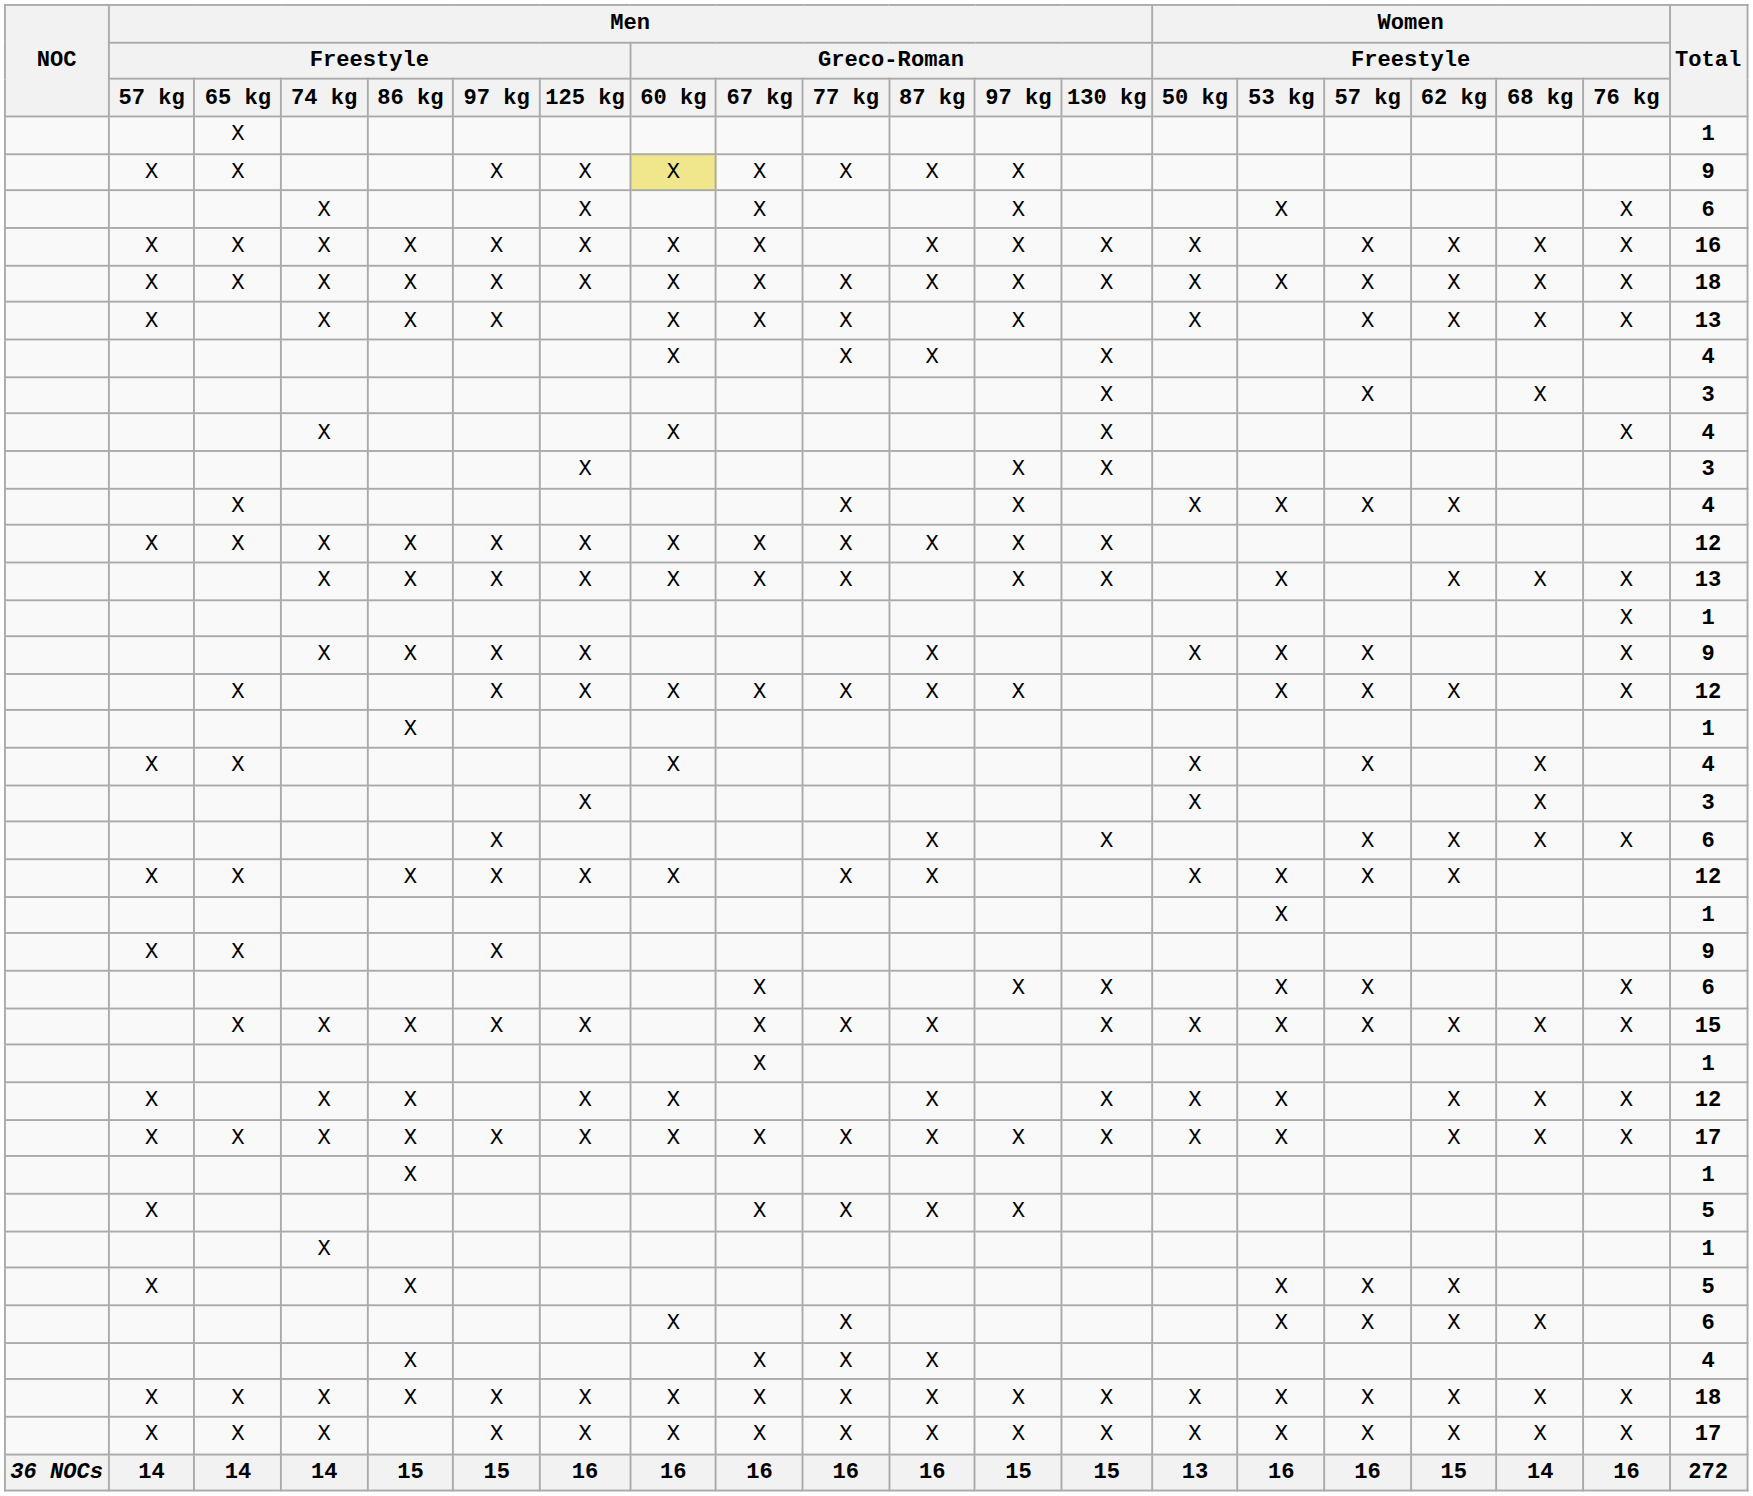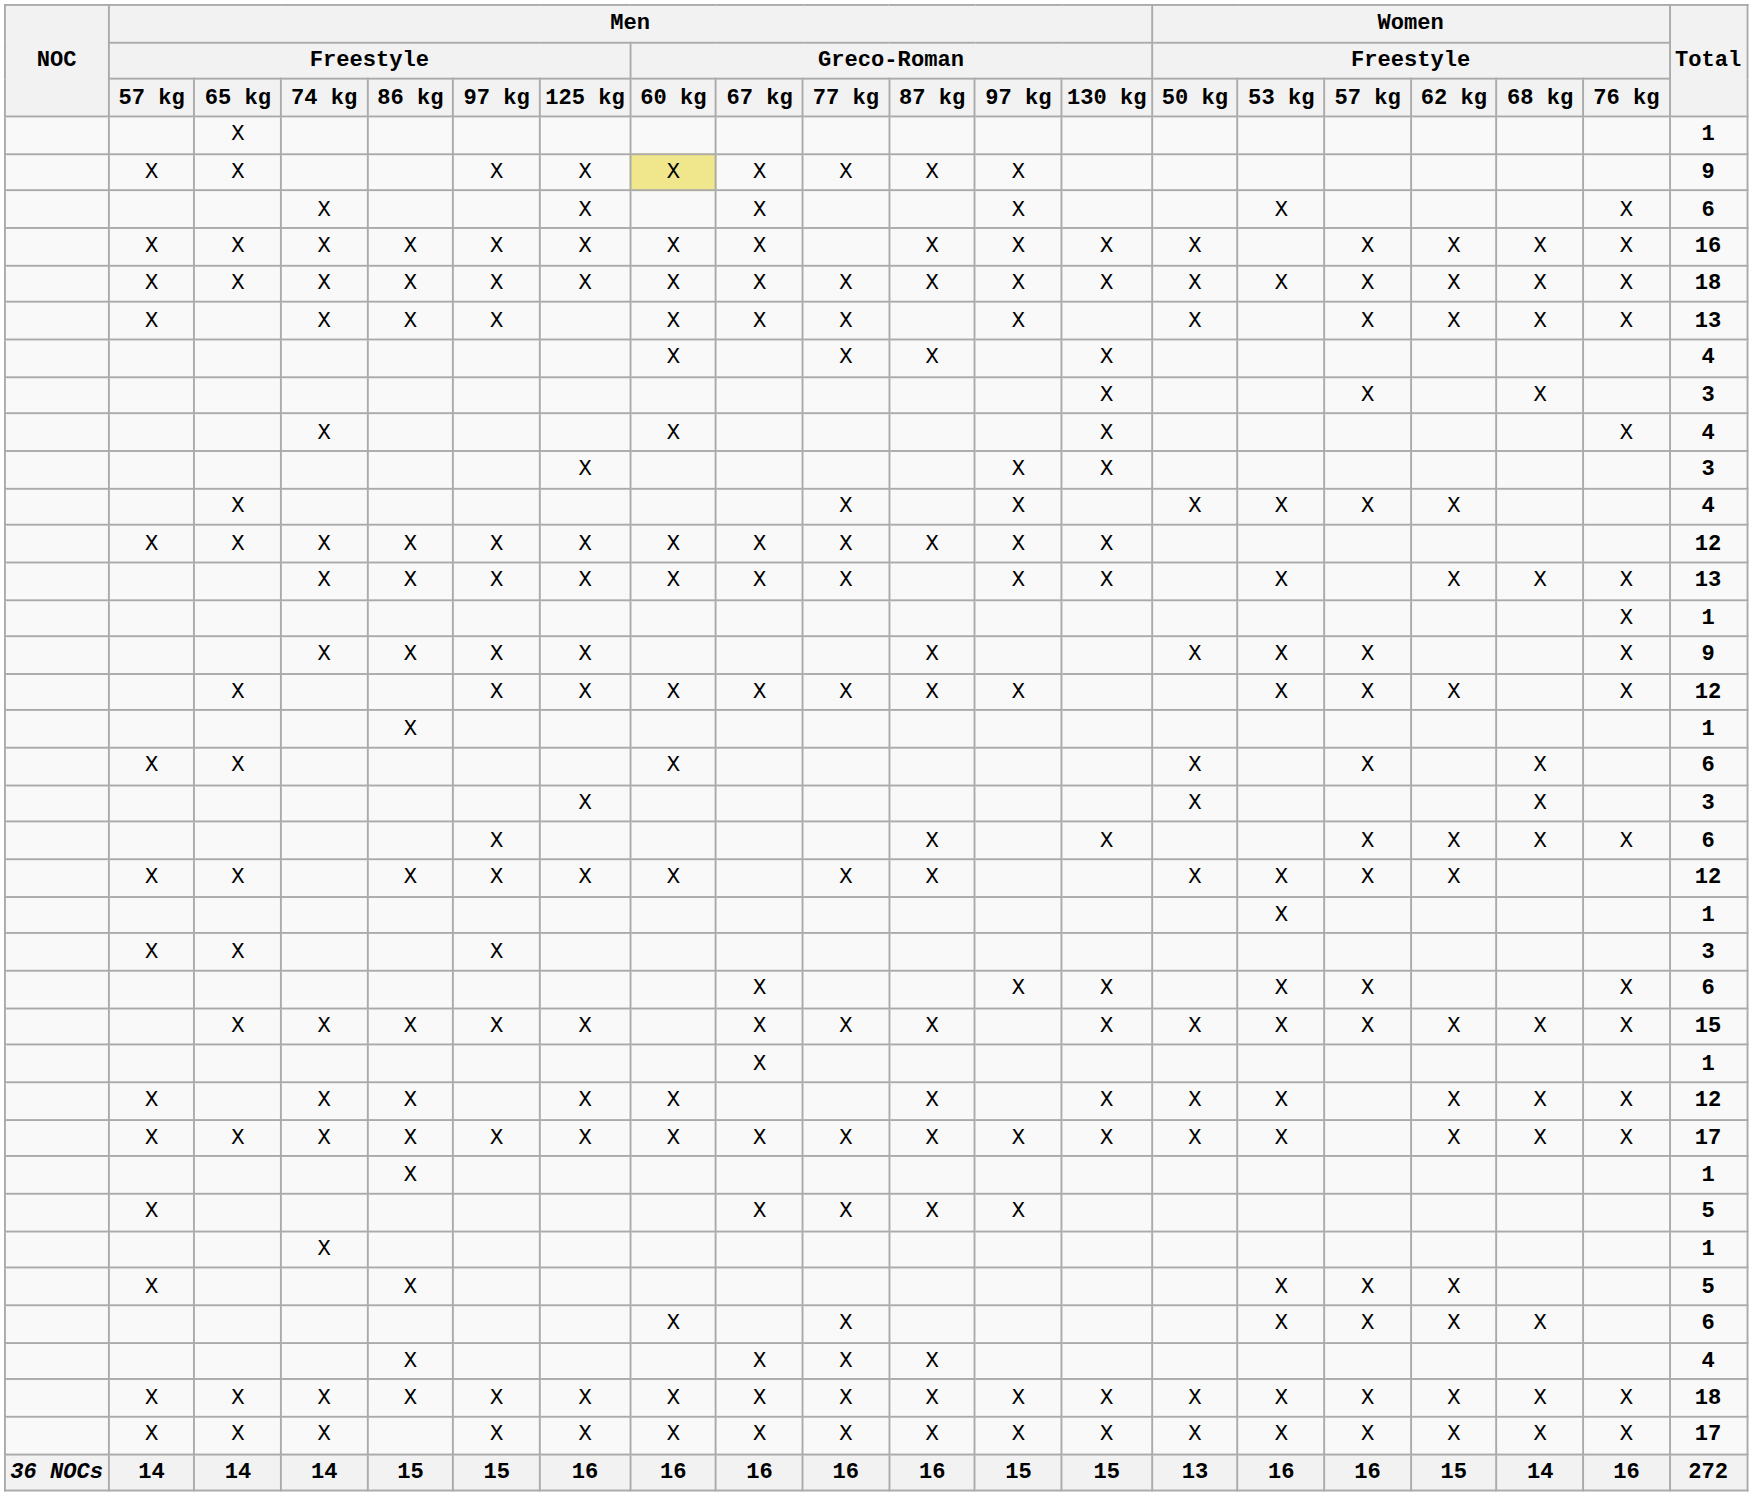 <table class="wikitable collapsible" style="text-align:center; font-size:90%">
 <tr>
 <th rowspan=3>NOC</th>
 <th colspan=12>Men</th>
 <th colspan=6>Women</th>
 <th rowspan=3>Total</th>
 </tr>
 <tr>
 <th colspan=6>Freestyle</th>
 <th colspan=6>Greco-Roman</th>
 <th colspan=6>Freestyle</th>
 </tr>
 <tr>
 <th width=40>57 kg</th>
 <th width=40>65 kg</th>
 <th width=40>74 kg</th>
 <th width=40>86 kg</th>
 <th width=40>97 kg</th>
 <th width=40>125 kg</th>
 <th width=40>60 kg</th>
 <th width=40>67 kg</th>
 <th width=40>77 kg</th>
 <th width=40>87 kg</th>
 <th width=40>97 kg</th>
 <th width=40>130 kg</th>
 <th width=40>50 kg</th>
 <th width=40>53 kg</th>
 <th width=40>57 kg</th>
 <th width=40>62 kg</th>
 <th width=40>68 kg</th>
 <th width=40>76 kg</th>
 </tr>
 <tr>
 <td align=left></td>
 <td></td>
 <td>X</td>
 <td></td>
 <td></td>
 <td></td>
 <td></td>
 <td></td>
 <td></td>
 <td></td>
 <td></td>
 <td></td>
 <td></td>
 <td></td>
 <td></td>
 <td></td>
 <td></td>
 <td></td>
 <td></td>
 <td><strong>1</strong></td>
 </tr>
 <tr>
 <td align=left></td>
 <td>X</td>
 <td>X</td>
 <td></td>
 <td></td>
 <td>X</td>
 <td>X</td>
 <td style="background: khaki;">X</td>
 <td>X</td>
 <td>X</td>
 <td>X</td>
 <td>X</td>
 <td></td>
 <td></td>
 <td></td>
 <td></td>
 <td></td>
 <td></td>
 <td></td>
 <td><strong>9</strong></td>
 </tr>
 <tr>
 <td align=left></td>
 <td></td>
 <td></td>
 <td>X</td>
 <td></td>
 <td></td>
 <td>X</td>
 <td></td>
 <td>X</td>
 <td></td>
 <td></td>
 <td>X</td>
 <td></td>
 <td></td>
 <td>X</td>
 <td></td>
 <td></td>
 <td></td>
 <td>X</td>
 <td><strong>6</strong></td>
 </tr>
 <tr>
 <td align=left></td>
 <td>X</td>
 <td>X</td>
 <td>X</td>
 <td>X</td>
 <td>X</td>
 <td>X</td>
 <td>X</td>
 <td>X</td>
 <td></td>
 <td>X</td>
 <td>X</td>
 <td>X</td>
 <td>X</td>
 <td></td>
 <td>X</td>
 <td>X</td>
 <td>X</td>
 <td>X</td>
 <td><strong>16</strong></td>
 </tr>
 <tr>
 <td align=left></td>
 <td>X</td>
 <td>X</td>
 <td>X</td>
 <td>X</td>
 <td>X</td>
 <td>X</td>
 <td>X</td>
 <td>X</td>
 <td>X</td>
 <td>X</td>
 <td>X</td>
 <td>X</td>
 <td>X</td>
 <td>X</td>
 <td>X</td>
 <td>X</td>
 <td>X</td>
 <td>X</td>
 <td><strong>18</strong></td>
 </tr>
 <tr>
 <td align=left></td>
 <td>X</td>
 <td></td>
 <td>X</td>
 <td>X</td>
 <td>X</td>
 <td></td>
 <td>X</td>
 <td>X</td>
 <td>X</td>
 <td></td>
 <td>X</td>
 <td></td>
 <td>X</td>
 <td></td>
 <td>X</td>
 <td>X</td>
 <td>X</td>
 <td>X</td>
 <td><strong>13</strong></td>
 </tr>
 <tr>
 <td align=left></td>
 <td></td>
 <td></td>
 <td></td>
 <td></td>
 <td></td>
 <td></td>
 <td>X</td>
 <td></td>
 <td>X</td>
 <td>X</td>
 <td></td>
 <td>X</td>
 <td></td>
 <td></td>
 <td></td>
 <td></td>
 <td></td>
 <td></td>
 <td><strong>4</strong></td>
 </tr>
 <tr>
 <td align=left></td>
 <td></td>
 <td></td>
 <td></td>
 <td></td>
 <td></td>
 <td></td>
 <td></td>
 <td></td>
 <td></td>
 <td></td>
 <td></td>
 <td>X</td>
 <td></td>
 <td></td>
 <td>X</td>
 <td></td>
 <td>X</td>
 <td></td>
 <td><strong>3</strong></td>
 </tr>
 <tr>
 <td align=left></td>
 <td></td>
 <td></td>
 <td>X</td>
 <td></td>
 <td></td>
 <td></td>
 <td>X</td>
 <td></td>
 <td></td>
 <td></td>
 <td></td>
 <td>X</td>
 <td></td>
 <td></td>
 <td></td>
 <td></td>
 <td></td>
 <td>X</td>
 <td><strong>4</strong></td>
 </tr>
 <tr>
 <td align=left></td>
 <td></td>
 <td></td>
 <td></td>
 <td></td>
 <td></td>
 <td>X</td>
 <td></td>
 <td></td>
 <td></td>
 <td></td>
 <td>X</td>
 <td>X</td>
 <td></td>
 <td></td>
 <td></td>
 <td></td>
 <td></td>
 <td></td>
 <td><strong>3</strong></td>
 </tr>
 <tr>
 <td align=left></td>
 <td></td>
 <td>X</td>
 <td></td>
 <td></td>
 <td></td>
 <td></td>
 <td></td>
 <td></td>
 <td>X</td>
 <td></td>
 <td>X</td>
 <td></td>
 <td>X</td>
 <td>X</td>
 <td>X</td>
 <td>X</td>
 <td></td>
 <td></td>
 <td><strong>4</strong></td>
 </tr>
 <tr>
 <td align=left></td>
 <td>X</td>
 <td>X</td>
 <td>X</td>
 <td>X</td>
 <td>X</td>
 <td>X</td>
 <td>X</td>
 <td>X</td>
 <td>X</td>
 <td>X</td>
 <td>X</td>
 <td>X</td>
 <td></td>
 <td></td>
 <td></td>
 <td></td>
 <td></td>
 <td></td>
 <td><strong>12</strong></td>
 </tr>
 <tr>
 <td align=left></td>
 <td></td>
 <td></td>
 <td>X</td>
 <td>X</td>
 <td>X</td>
 <td>X</td>
 <td>X</td>
 <td>X</td>
 <td>X</td>
 <td></td>
 <td>X</td>
 <td>X</td>
 <td></td>
 <td>X</td>
 <td></td>
 <td>X</td>
 <td>X</td>
 <td>X</td>
 <td><strong>13</strong></td>
 </tr>
 <tr>
 <td align=left></td>
 <td></td>
 <td></td>
 <td></td>
 <td></td>
 <td></td>
 <td></td>
 <td></td>
 <td></td>
 <td></td>
 <td></td>
 <td></td>
 <td></td>
 <td></td>
 <td></td>
 <td></td>
 <td></td>
 <td></td>
 <td>X</td>
 <td><strong>1</strong></td>
 </tr>
 <tr>
 <td align=left></td>
 <td></td>
 <td></td>
 <td>X</td>
 <td>X</td>
 <td>X</td>
 <td>X</td>
 <td></td>
 <td></td>
 <td></td>
 <td>X</td>
 <td></td>
 <td></td>
 <td>X</td>
 <td>X</td>
 <td>X</td>
 <td></td>
 <td></td>
 <td>X</td>
 <td><strong>9</strong></td>
 </tr>
 <tr>
 <td align=left></td>
 <td></td>
 <td>X</td>
 <td></td>
 <td></td>
 <td>X</td>
 <td>X</td>
 <td>X</td>
 <td>X</td>
 <td>X</td>
 <td>X</td>
 <td>X</td>
 <td></td>
 <td></td>
 <td>X</td>
 <td>X</td>
 <td>X</td>
 <td></td>
 <td>X</td>
 <td><strong>12</strong></td>
 </tr>
 <tr>
 <td align=left></td>
 <td></td>
 <td></td>
 <td></td>
 <td>X</td>
 <td></td>
 <td></td>
 <td></td>
 <td></td>
 <td></td>
 <td></td>
 <td></td>
 <td></td>
 <td></td>
 <td></td>
 <td></td>
 <td></td>
 <td></td>
 <td></td>
 <td><strong>1</strong></td>
 </tr>
 <tr>
 <td align=left></td>
 <td>X</td>
 <td>X</td>
 <td></td>
 <td></td>
 <td></td>
 <td></td>
 <td>X</td>
 <td></td>
 <td></td>
 <td></td>
 <td></td>
 <td></td>
 <td>X</td>
 <td></td>
 <td>X</td>
 <td></td>
 <td>X</td>
 <td></td>
-<td><strong>4</strong></td>
+<td><strong>6</strong></td>
 </tr>
 <tr>
 <td align=left></td>
 <td></td>
 <td></td>
 <td></td>
 <td></td>
 <td></td>
 <td>X</td>
 <td></td>
 <td></td>
 <td></td>
 <td></td>
 <td></td>
 <td></td>
 <td>X</td>
 <td></td>
 <td></td>
 <td></td>
 <td>X</td>
 <td></td>
 <td><strong>3</strong></td>
 </tr>
 <tr>
 <td align=left></td>
 <td></td>
 <td></td>
 <td></td>
 <td></td>
 <td>X</td>
 <td></td>
 <td></td>
 <td></td>
 <td></td>
 <td>X</td>
 <td></td>
 <td>X</td>
 <td></td>
 <td></td>
 <td>X</td>
 <td>X</td>
 <td>X</td>
 <td>X</td>
 <td><strong>6</strong></td>
 </tr>
 <tr>
 <td align=left></td>
 <td>X</td>
 <td>X</td>
 <td></td>
 <td>X</td>
 <td>X</td>
 <td>X</td>
 <td>X</td>
 <td></td>
 <td>X</td>
 <td>X</td>
 <td></td>
 <td></td>
 <td>X</td>
 <td>X</td>
 <td>X</td>
 <td>X</td>
 <td></td>
 <td></td>
 <td><strong>12</strong></td>
 </tr>
 <tr>
 <td align=left></td>
 <td></td>
 <td></td>
 <td></td>
 <td></td>
 <td></td>
 <td></td>
 <td></td>
 <td></td>
 <td></td>
 <td></td>
 <td></td>
 <td></td>
 <td></td>
 <td>X</td>
 <td></td>
 <td></td>
 <td></td>
 <td></td>
 <td><strong>1</strong></td>
 </tr>
 <tr>
 <td align=left></td>
 <td>X</td>
 <td>X</td>
 <td></td>
 <td></td>
 <td>X</td>
 <td></td>
 <td></td>
 <td></td>
 <td></td>
 <td></td>
 <td></td>
 <td></td>
 <td></td>
 <td></td>
 <td></td>
 <td></td>
 <td></td>
 <td></td>
-<td><strong>9</strong></td>
+<td><strong>3</strong></td>
 </tr>
 <tr>
 <td align=left></td>
 <td></td>
 <td></td>
 <td></td>
 <td></td>
 <td></td>
 <td></td>
 <td></td>
 <td>X</td>
 <td></td>
 <td></td>
 <td>X</td>
 <td>X</td>
 <td></td>
 <td>X</td>
 <td>X</td>
 <td></td>
 <td></td>
 <td>X</td>
 <td><strong>6</strong></td>
 </tr>
 <tr>
 <td align=left></td>
 <td></td>
 <td>X</td>
 <td>X</td>
 <td>X</td>
 <td>X</td>
 <td>X</td>
 <td></td>
 <td>X</td>
 <td>X</td>
 <td>X</td>
 <td></td>
 <td>X</td>
 <td>X</td>
 <td>X</td>
 <td>X</td>
 <td>X</td>
 <td>X</td>
 <td>X</td>
 <td><strong>15</strong></td>
 </tr>
 <tr>
 <td align=left></td>
 <td></td>
 <td></td>
 <td></td>
 <td></td>
 <td></td>
 <td></td>
 <td></td>
 <td>X</td>
 <td></td>
 <td></td>
 <td></td>
 <td></td>
 <td></td>
 <td></td>
 <td></td>
 <td></td>
 <td></td>
 <td></td>
 <td><strong>1</strong></td>
 </tr>
 <tr>
 <td align=left></td>
 <td>X</td>
 <td></td>
 <td>X</td>
 <td>X</td>
 <td></td>
 <td>X</td>
 <td>X</td>
 <td></td>
 <td></td>
 <td>X</td>
 <td></td>
 <td>X</td>
 <td>X</td>
 <td>X</td>
 <td></td>
 <td>X</td>
 <td>X</td>
 <td>X</td>
 <td><strong>12</strong></td>
 </tr>
 <tr>
 <td align=left></td>
 <td>X</td>
 <td>X</td>
 <td>X</td>
 <td>X</td>
 <td>X</td>
 <td>X</td>
 <td>X</td>
 <td>X</td>
 <td>X</td>
 <td>X</td>
 <td>X</td>
 <td>X</td>
 <td>X</td>
 <td>X</td>
 <td></td>
 <td>X</td>
 <td>X</td>
 <td>X</td>
 <td><strong>17</strong></td>
 </tr>
 <tr>
 <td align=left></td>
 <td></td>
 <td></td>
 <td></td>
 <td>X</td>
 <td></td>
 <td></td>
 <td></td>
 <td></td>
 <td></td>
 <td></td>
 <td></td>
 <td></td>
 <td></td>
 <td></td>
 <td></td>
 <td></td>
 <td></td>
 <td></td>
 <td><strong>1</strong></td>
 </tr>
 <tr>
 <td align=left></td>
 <td>X</td>
 <td></td>
 <td></td>
 <td></td>
 <td></td>
 <td></td>
 <td></td>
 <td>X</td>
 <td>X</td>
 <td>X</td>
 <td>X</td>
 <td></td>
 <td></td>
 <td></td>
 <td></td>
 <td></td>
 <td></td>
 <td></td>
 <td><strong>5</strong></td>
 </tr>
 <tr>
 <td align=left></td>
 <td></td>
 <td></td>
 <td>X</td>
 <td></td>
 <td></td>
 <td></td>
 <td></td>
 <td></td>
 <td></td>
 <td></td>
 <td></td>
 <td></td>
 <td></td>
 <td></td>
 <td></td>
 <td></td>
 <td></td>
 <td></td>
 <td><strong>1</strong></td>
 </tr>
 <tr>
 <td align=left></td>
 <td>X</td>
 <td></td>
 <td></td>
 <td>X</td>
 <td></td>
 <td></td>
 <td></td>
 <td></td>
 <td></td>
 <td></td>
 <td></td>
 <td></td>
 <td></td>
 <td>X</td>
 <td>X</td>
 <td>X</td>
 <td></td>
 <td></td>
 <td><strong>5</strong></td>
 </tr>
 <tr>
 <td align=left></td>
 <td></td>
 <td></td>
 <td></td>
 <td></td>
 <td></td>
 <td></td>
 <td>X</td>
 <td></td>
 <td>X</td>
 <td></td>
 <td></td>
 <td></td>
 <td></td>
 <td>X</td>
 <td>X</td>
 <td>X</td>
 <td>X</td>
 <td></td>
 <td><strong>6</strong></td>
 </tr>
 <tr>
 <td align=left></td>
 <td></td>
 <td></td>
 <td></td>
 <td>X</td>
 <td></td>
 <td></td>
 <td></td>
 <td>X</td>
 <td>X</td>
 <td>X</td>
 <td></td>
 <td></td>
 <td></td>
 <td></td>
 <td></td>
 <td></td>
 <td></td>
 <td></td>
 <td><strong>4</strong></td>
 </tr>
 <tr>
 <td align=left></td>
 <td>X</td>
 <td>X</td>
 <td>X</td>
 <td>X</td>
 <td>X</td>
 <td>X</td>
 <td>X</td>
 <td>X</td>
 <td>X</td>
 <td>X</td>
 <td>X</td>
 <td>X</td>
 <td>X</td>
 <td>X</td>
 <td>X</td>
 <td>X</td>
 <td>X</td>
 <td>X</td>
 <td><strong>18</strong></td>
 </tr>
 <tr>
 <td align=left></td>
 <td>X</td>
 <td>X</td>
 <td>X</td>
 <td></td>
 <td>X</td>
 <td>X</td>
 <td>X</td>
 <td>X</td>
 <td>X</td>
 <td>X</td>
 <td>X</td>
 <td>X</td>
 <td>X</td>
 <td>X</td>
 <td>X</td>
 <td>X</td>
 <td>X</td>
 <td>X</td>
 <td><strong>17</strong></td>
 </tr>
 <tr>
 <th><em>36 NOCs</em></th>
 <th>14</th>
 <th>14</th>
 <th>14</th>
 <th>15</th>
 <th>15</th>
 <th>16</th>
 <th>16</th>
 <th>16</th>
 <th>16</th>
 <th>16</th>
 <th>15</th>
 <th>15</th>
 <th>13</th>
 <th>16</th>
 <th>16</th>
 <th>15</th>
 <th>14</th>
 <th>16</th>
 <th>272</th>
 </tr>
 </table>
